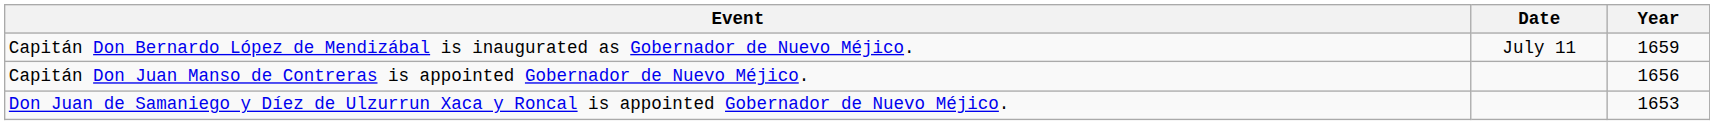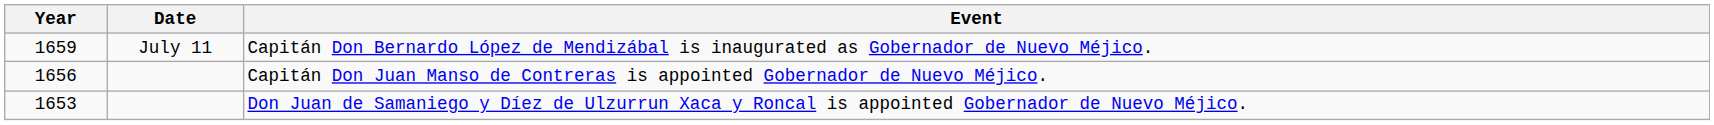 <table class="wikitable" style="width:100%;">
 <tr>
+<th style="width:6%">Year</th>
+<th style="width:8%">Date</th>
 <th style="width:86%">Event</th>
-<th style="width:8%">Date</th>
-<th style="width:6%">Year</th>
 </tr>
 <tr>
+<td align=center>1659</td>
+<td align=center>July 11</td>
 <td>Capitán <a href='#'>Don Bernardo López de Mendizábal</a> is inaugurated as <a href='#'>Gobernador de Nuevo Méjico</a>.</td>
-<td align=center>July 11</td>
-<td align=center>1659</td>
 </tr>
 <tr>
+<td align=center>1656</td>
+<td align=center> </td>
 <td>Capitán <a href='#'>Don Juan Manso de Contreras</a> is appointed <a href='#'>Gobernador de Nuevo Méjico</a>.</td>
-<td align=center> </td>
-<td align=center>1656</td>
 </tr>
 <tr>
+<td align=center>1653</td>
+<td align=center> </td>
 <td><a href='#'>Don Juan de Samaniego y Díez de Ulzurrun Xaca y Roncal</a> is appointed <a href='#'>Gobernador de Nuevo Méjico</a>.</td>
-<td align=center> </td>
-<td align=center>1653</td>
 </tr>
 </table>
